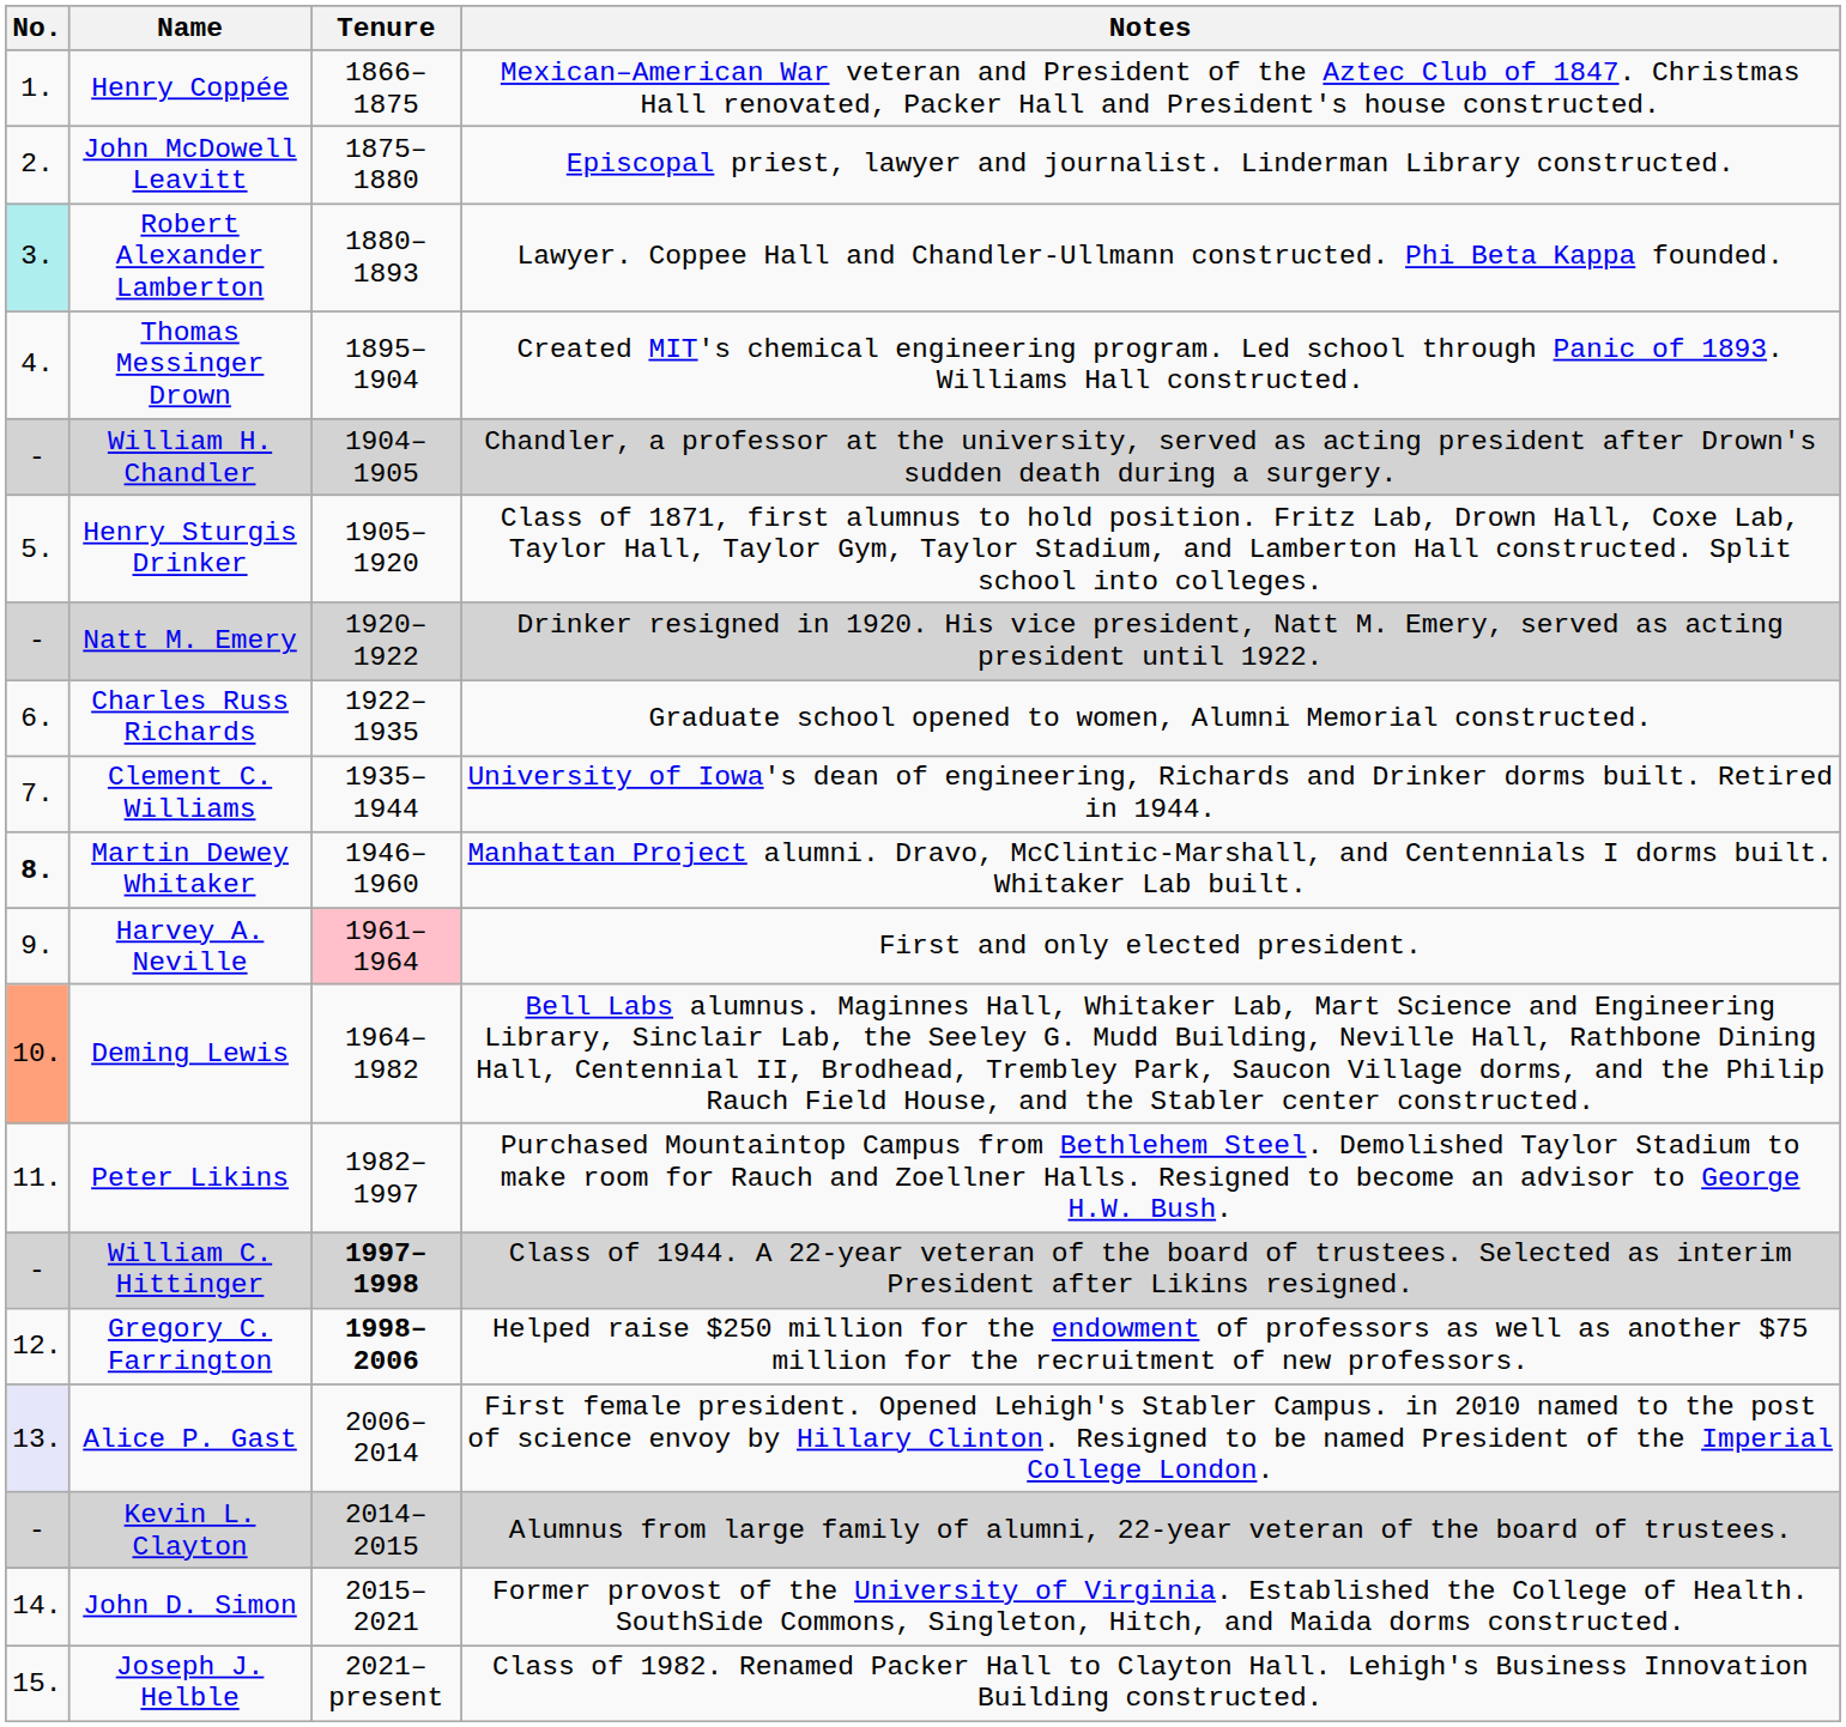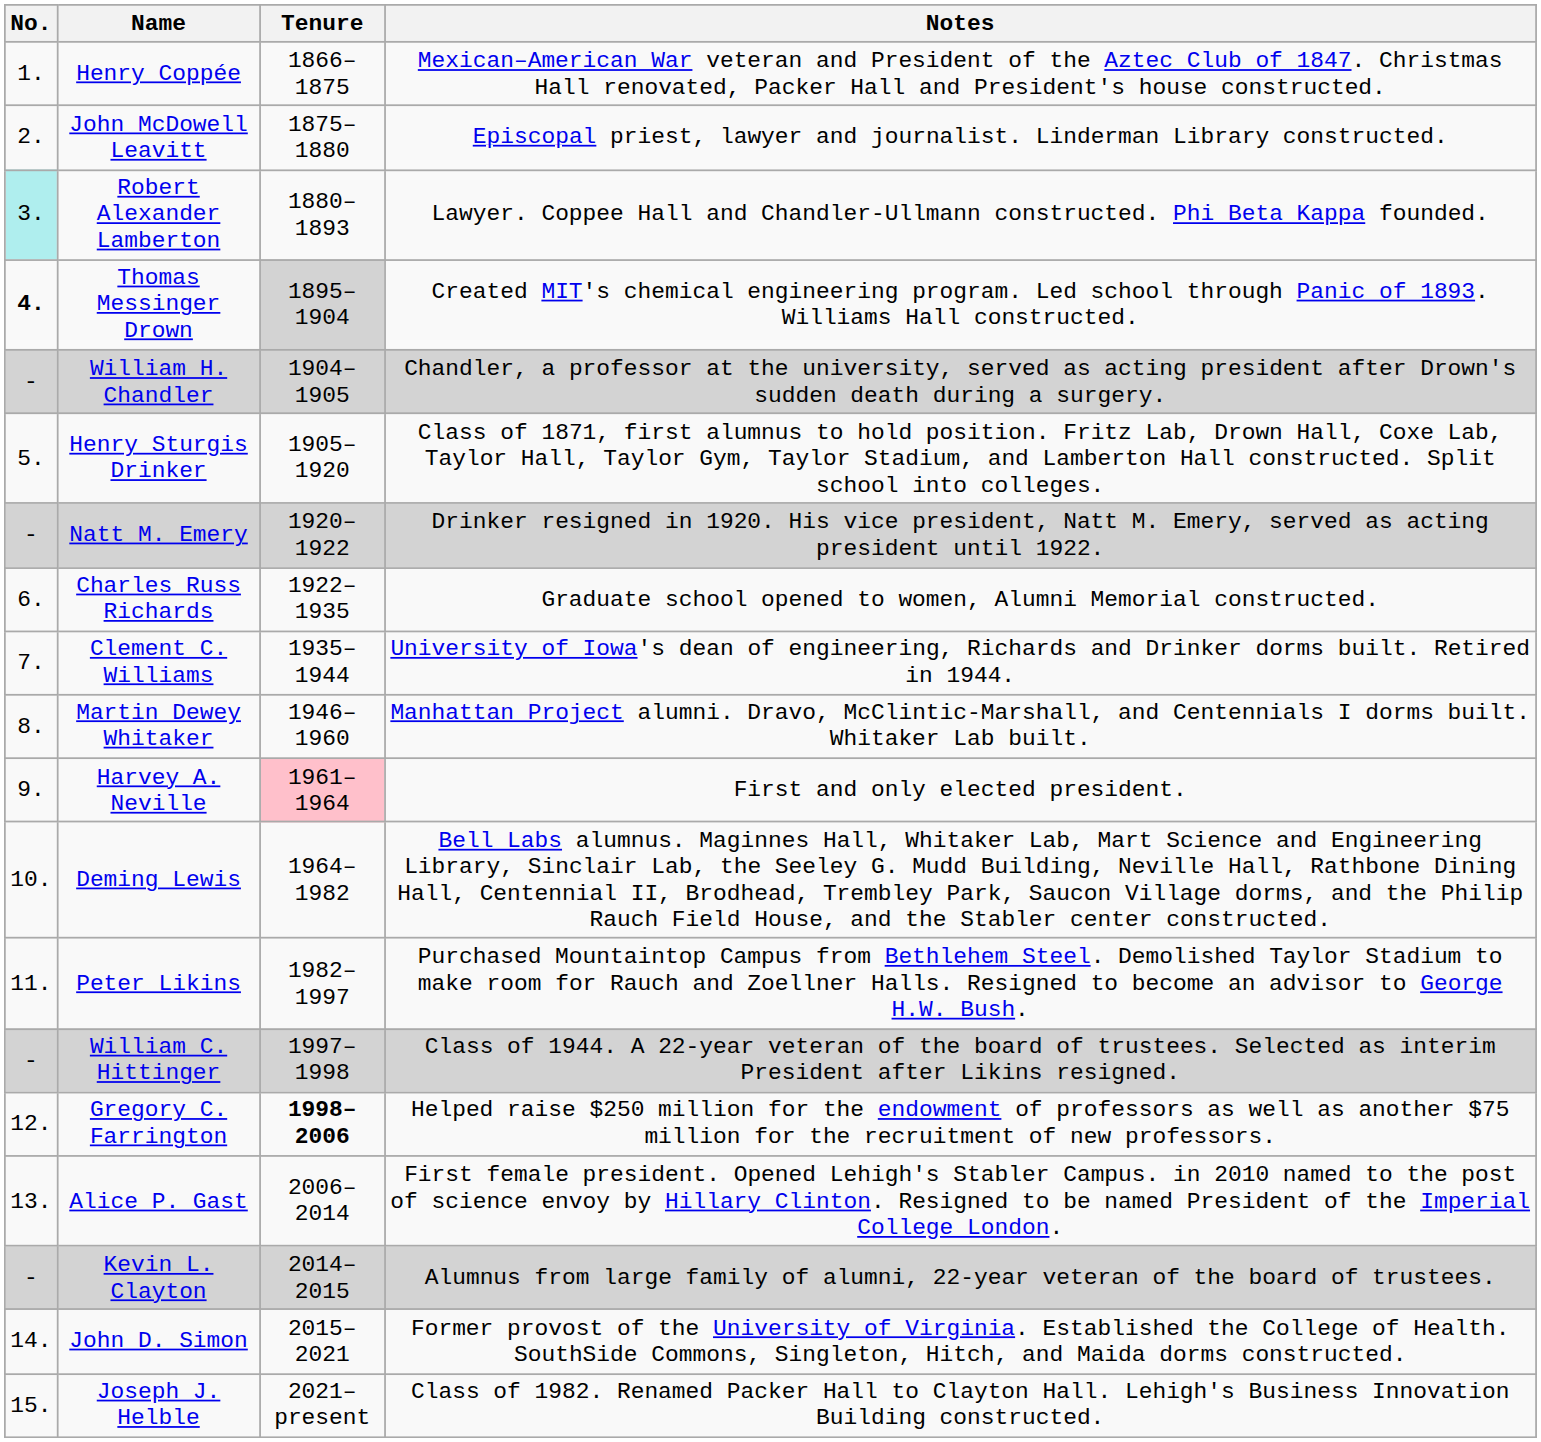 <table class="wikitable" style="text-align:center">
 <tr>
 <th>No.</th>
 <th>Name</th>
 <th>Tenure</th>
 <th>Notes</th>
 </tr>
 <tr>
 <td>1.</td>
 <td><a href='#'>Henry Coppée</a></td>
 <td>1866–1875</td>
 <td><a href='#'>Mexican–American War</a> veteran and President of the <a href='#'>Aztec Club of 1847</a>. Christmas Hall renovated, Packer Hall and President's house constructed.</td>
 </tr>
 <tr>
 <td>2.</td>
 <td><a href='#'>John McDowell Leavitt</a></td>
 <td>1875–1880</td>
 <td><a href='#'>Episcopal</a> priest, lawyer and journalist. Linderman Library constructed.</td>
 </tr>
 <tr>
 <td style="background: paleturquoise;">3.</td>
 <td><a href='#'>Robert Alexander Lamberton</a></td>
 <td>1880–1893</td>
 <td>Lawyer. Coppee Hall and Chandler-Ullmann constructed. <a href='#'>Phi Beta Kappa</a> founded.</td>
 </tr>
 <tr>
-<td>4.</td>
+<td><strong>4.</strong></td>
 <td><a href='#'>Thomas Messinger Drown</a></td>
-<td>1895–1904</td>
+<td style="background: lightgrey;">1895–1904</td>
 <td>Created <a href='#'>MIT</a>'s chemical engineering program. Led school through <a href='#'>Panic of 1893</a>. Williams Hall constructed.</td>
 </tr>
 <tr style="background:lightgrey;">
 <td>-</td>
 <td><a href='#'>William H. Chandler</a></td>
 <td>1904–1905</td>
 <td>Chandler, a professor at the university, served as acting president after Drown's sudden death during a surgery.</td>
 </tr>
 <tr>
 <td>5.</td>
 <td><a href='#'>Henry Sturgis Drinker</a></td>
 <td>1905–1920</td>
 <td>Class of 1871, first alumnus to hold position. Fritz Lab, Drown Hall, Coxe Lab, Taylor Hall, Taylor Gym, Taylor Stadium, and Lamberton Hall constructed. Split school into colleges.</td>
 </tr>
 <tr style="background:lightgrey;">
 <td>-</td>
 <td><a href='#'>Natt M. Emery</a></td>
 <td>1920–1922</td>
 <td>Drinker resigned in 1920. His vice president, Natt M. Emery, served as acting president until 1922.</td>
 </tr>
 <tr>
 <td>6.</td>
 <td><a href='#'>Charles Russ Richards</a></td>
 <td>1922–1935</td>
 <td>Graduate school opened to women, Alumni Memorial constructed.</td>
 </tr>
 <tr>
 <td>7.</td>
 <td><a href='#'>Clement C. Williams</a></td>
 <td>1935–1944</td>
 <td><a href='#'>University of Iowa</a>'s dean of engineering, Richards and Drinker dorms built. Retired in 1944.</td>
 </tr>
 <tr>
-<td><strong>8.</strong></td>
+<td>8.</td>
 <td><a href='#'>Martin Dewey Whitaker</a></td>
 <td>1946–1960</td>
 <td><a href='#'>Manhattan Project</a> alumni. Dravo, McClintic-Marshall, and Centennials I dorms built. Whitaker Lab built.</td>
 </tr>
 <tr>
 <td>9.</td>
 <td><a href='#'>Harvey A. Neville</a></td>
 <td style="background: pink;">1961–1964</td>
 <td>First and only elected president.</td>
 </tr>
 <tr>
-<td style="background: lightsalmon;">10.</td>
+<td>10.</td>
 <td><a href='#'>Deming Lewis</a></td>
 <td>1964–1982</td>
 <td><a href='#'>Bell Labs</a> alumnus. Maginnes Hall, Whitaker Lab, Mart Science and Engineering Library, Sinclair Lab, the Seeley G. Mudd Building, Neville Hall, Rathbone Dining Hall, Centennial II, Brodhead, Trembley Park, Saucon Village dorms, and the Philip Rauch Field House, and the Stabler center constructed.</td>
 </tr>
 <tr>
 <td>11.</td>
 <td><a href='#'>Peter Likins</a></td>
 <td>1982–1997</td>
 <td>Purchased Mountaintop Campus from <a href='#'>Bethlehem Steel</a>. Demolished Taylor Stadium to make room for Rauch and Zoellner Halls. Resigned to become an advisor to <a href='#'>George H.W. Bush</a>.</td>
 </tr>
 <tr style="background:lightgrey;">
 <td>-</td>
 <td><a href='#'>William C. Hittinger</a></td>
-<td><strong>1997–1998</strong></td>
+<td>1997–1998</td>
 <td>Class of 1944. A 22-year veteran of the board of trustees. Selected as interim President after Likins resigned.</td>
 </tr>
 <tr>
 <td>12.</td>
 <td><a href='#'>Gregory C. Farrington</a></td>
 <td><strong>1998–2006</strong></td>
 <td>Helped raise $250 million for the <a href='#'>endowment</a> of professors as well as another $75 million for the recruitment of new professors.</td>
 </tr>
 <tr>
-<td style="background: lavender;">13.</td>
+<td>13.</td>
 <td><a href='#'>Alice P. Gast</a></td>
 <td>2006–2014</td>
 <td>First female president. Opened Lehigh's Stabler Campus. in 2010 named to the post of science envoy by <a href='#'>Hillary Clinton</a>. Resigned to be named President of the <a href='#'>Imperial College London</a>.</td>
 </tr>
 <tr style="background:lightgrey;">
 <td>-</td>
 <td><a href='#'>Kevin L. Clayton</a></td>
 <td>2014–2015</td>
 <td>Alumnus from large family of alumni, 22-year veteran of the board of trustees.</td>
 </tr>
 <tr>
 <td>14.</td>
 <td><a href='#'>John D. Simon</a></td>
 <td>2015–2021</td>
 <td>Former provost of the <a href='#'>University of Virginia</a>. Established the College of Health. SouthSide Commons, Singleton, Hitch, and Maida dorms constructed.</td>
 </tr>
 <tr>
 <td>15.</td>
 <td><a href='#'>Joseph J. Helble</a></td>
 <td>2021–present</td>
 <td>Class of 1982. Renamed Packer Hall to Clayton Hall. Lehigh's Business Innovation Building constructed.</td>
 </tr>
 <tr>
 </tr>
 </table>
